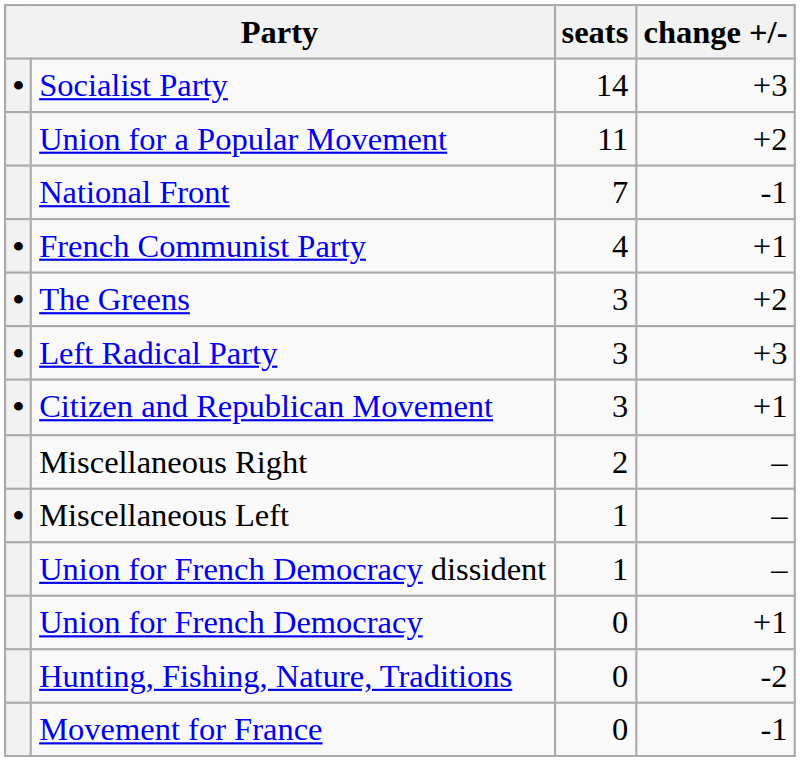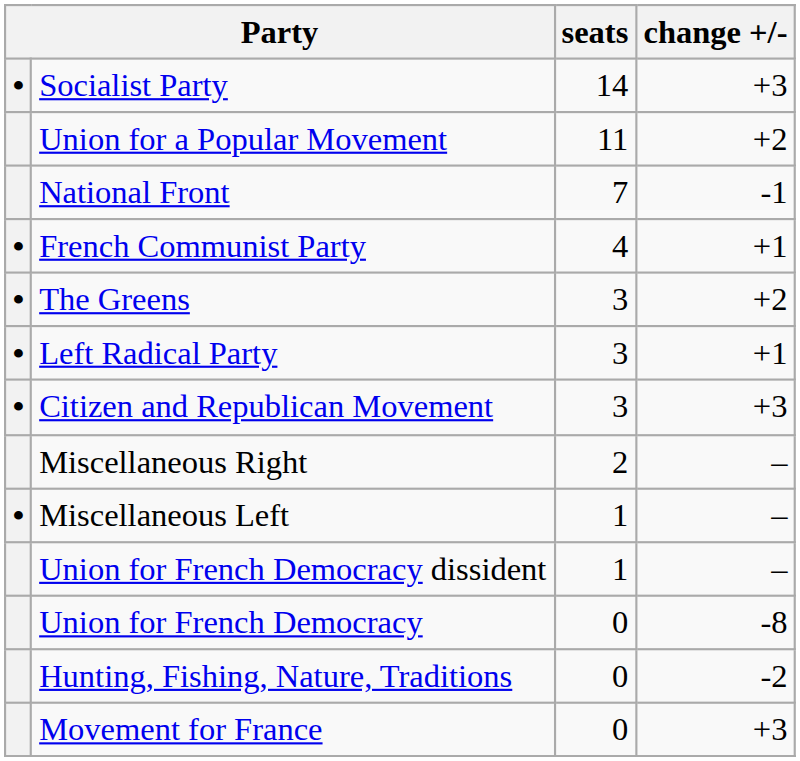 <table class="wikitable" style="font-size: 95%;">
 <tr>
 <th colspan=2>Party</th>
 <th>seats</th>
 <th>change +/-</th>
 </tr>
 <tr>
 <th style="background-color: "><span>•</span></th>
 <td><a href='#'>Socialist Party</a></td>
 <td align="right">14</td>
 <td align="right">+3</td>
 </tr>
 <tr>
 <th style="background-color: "></th>
 <td><a href='#'>Union for a Popular Movement</a></td>
 <td align="right">11</td>
 <td align="right">+2</td>
 </tr>
 <tr>
 <th style="background-color: "></th>
 <td><a href='#'>National Front</a></td>
 <td align="right">7</td>
 <td align="right">-1</td>
 </tr>
 <tr>
 <th style="background-color: "><span>•</span></th>
 <td><a href='#'>French Communist Party</a></td>
 <td align="right">4</td>
 <td align="right">+1</td>
 </tr>
 <tr>
 <th style="background-color: "><span>•</span></th>
 <td><a href='#'>The Greens</a></td>
 <td align="right">3</td>
 <td align="right">+2</td>
 </tr>
 <tr>
 <th style="background-color: "><span>•</span></th>
 <td><a href='#'>Left Radical Party</a></td>
 <td align="right">3</td>
-<td align="right">+3</td>
+<td align="right">+1</td>
 </tr>
 <tr>
 <th style="background-color: "><span>•</span></th>
 <td><a href='#'>Citizen and Republican Movement</a></td>
 <td align="right">3</td>
-<td align="right">+1</td>
+<td align="right">+3</td>
 </tr>
 <tr>
 <th style="background-color: "></th>
 <td>Miscellaneous Right</td>
 <td align="right">2</td>
 <td align="right">–</td>
 </tr>
 <tr>
 <th style="background-color: "><span>•</span></th>
 <td>Miscellaneous Left</td>
 <td align="right">1</td>
 <td align="right">–</td>
 </tr>
 <tr>
 <th style="background-color: "></th>
 <td><a href='#'>Union for French Democracy</a> dissident</td>
 <td align="right">1</td>
 <td align="right">–</td>
 </tr>
 <tr>
 <th style="background-color: "></th>
 <td><a href='#'>Union for French Democracy</a></td>
 <td align="right">0</td>
-<td align="right">+1</td>
+<td align="right">-8</td>
 </tr>
 <tr>
 <th style="background-color: "></th>
 <td><a href='#'>Hunting, Fishing, Nature, Traditions</a></td>
 <td align="right">0</td>
 <td align="right">-2</td>
 </tr>
 <tr>
 <th style="background-color: "></th>
 <td><a href='#'>Movement for France</a></td>
 <td align="right">0</td>
-<td align="right">-1</td>
+<td align="right">+3</td>
 </tr>
 <tr>
 </tr>
 </table>
